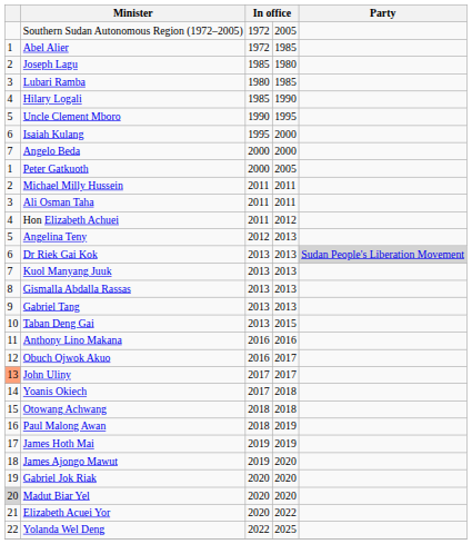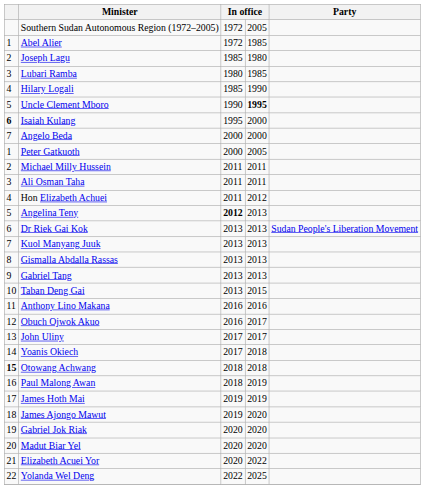 <table class="wikitable">
 <tr>
 <th></th>
 <th>Minister</th>
 <th colspan="2">In office</th>
 <th>Party</th>
 </tr>
 <tr>
 <td></td>
 <td>Southern Sudan Autonomous Region (1972–2005)</td>
 <td>1972</td>
 <td>2005</td>
 <td></td>
 </tr>
 <tr>
 <td>1</td>
 <td><a href='#'>Abel Alier</a></td>
 <td>1972</td>
 <td>1985</td>
 <td></td>
 </tr>
 <tr>
 <td>2</td>
 <td><a href='#'>Joseph Lagu</a></td>
 <td>1985</td>
 <td>1980</td>
 <td></td>
 </tr>
 <tr>
 <td>3</td>
 <td><a href='#'>Lubari Ramba</a></td>
 <td>1980</td>
 <td>1985</td>
 <td></td>
 </tr>
 <tr>
 <td>4</td>
 <td><a href='#'>Hilary Logali</a></td>
 <td>1985</td>
 <td>1990</td>
 <td></td>
 </tr>
 <tr>
 <td>5</td>
 <td><a href='#'>Uncle Clement Mboro</a></td>
 <td>1990</td>
-<td>1995</td>
+<td><strong>1995</strong></td>
 <td></td>
 </tr>
 <tr>
-<td>6</td>
+<td><strong>6</strong></td>
 <td><a href='#'>Isaiah Kulang</a></td>
 <td>1995</td>
 <td>2000</td>
 <td></td>
 </tr>
 <tr>
 <td>7</td>
 <td><a href='#'>Angelo Beda</a></td>
 <td>2000</td>
 <td>2000</td>
 <td></td>
 </tr>
 <tr>
 <td>1</td>
 <td><a href='#'>Peter Gatkuoth</a></td>
 <td>2000</td>
 <td>2005</td>
 <td></td>
 </tr>
 <tr>
 <td>2</td>
 <td><a href='#'>Michael Milly Hussein</a></td>
 <td>2011</td>
 <td>2011</td>
 <td></td>
 </tr>
 <tr>
 <td>3</td>
 <td><a href='#'>Ali Osman Taha</a></td>
 <td>2011</td>
 <td>2011</td>
 <td></td>
 </tr>
 <tr>
 <td>4</td>
 <td>Hon <a href='#'>Elizabeth Achuei</a></td>
 <td>2011</td>
 <td>2012</td>
 <td></td>
 </tr>
 <tr>
 <td>5</td>
 <td><a href='#'>Angelina Teny</a></td>
-<td>2012</td>
+<td><strong>2012</strong></td>
 <td>2013</td>
 <td></td>
 </tr>
 <tr>
 <td>6</td>
 <td><a href='#'>Dr Riek Gai Kok</a></td>
 <td>2013</td>
 <td>2013</td>
-<td style="background: lightgrey;"><a href='#'>Sudan People's Liberation Movement</a></td>
+<td><a href='#'>Sudan People's Liberation Movement</a></td>
 </tr>
 <tr>
 <td>7</td>
 <td><a href='#'>Kuol Manyang Juuk</a></td>
 <td>2013</td>
 <td>2013</td>
 <td></td>
 </tr>
 <tr>
 <td>8</td>
 <td><a href='#'>Gismalla Abdalla Rassas</a></td>
 <td>2013</td>
 <td>2013</td>
 <td></td>
 </tr>
 <tr>
 <td>9</td>
 <td><a href='#'>Gabriel Tang</a></td>
 <td>2013</td>
 <td>2013</td>
 <td></td>
 </tr>
 <tr>
 <td>10</td>
 <td><a href='#'>Taban Deng Gai</a></td>
 <td>2013</td>
 <td>2015</td>
 <td></td>
 </tr>
 <tr>
 <td>11</td>
 <td><a href='#'>Anthony Lino Makana</a></td>
 <td>2016</td>
 <td>2016</td>
 <td></td>
 </tr>
 <tr>
 <td>12</td>
 <td><a href='#'>Obuch Ojwok Akuo</a></td>
 <td>2016</td>
 <td>2017</td>
 <td></td>
 </tr>
 <tr>
-<td style="background: lightsalmon;">13</td>
+<td>13</td>
 <td><a href='#'>John Uliny</a></td>
 <td>2017</td>
 <td>2017</td>
 <td></td>
 </tr>
 <tr>
 <td>14</td>
 <td><a href='#'>Yoanis Okiech</a></td>
 <td>2017</td>
 <td>2018</td>
 <td></td>
 </tr>
 <tr>
-<td>15</td>
+<td><strong>15</strong></td>
 <td><a href='#'>Otowang Achwang</a></td>
 <td>2018</td>
 <td>2018</td>
 <td></td>
 </tr>
 <tr>
 <td>16</td>
 <td><a href='#'>Paul Malong Awan</a></td>
 <td>2018</td>
 <td>2019</td>
 <td></td>
 </tr>
 <tr>
 <td>17</td>
 <td><a href='#'>James Hoth Mai</a></td>
 <td>2019</td>
 <td>2019</td>
 <td></td>
 </tr>
 <tr>
 <td>18</td>
 <td><a href='#'>James Ajongo Mawut</a></td>
 <td>2019</td>
 <td>2020</td>
 <td></td>
 </tr>
 <tr>
 <td>19</td>
 <td><a href='#'>Gabriel Jok Riak</a></td>
 <td>2020</td>
 <td>2020</td>
 <td></td>
 </tr>
 <tr>
-<td style="background: lightgrey;">20</td>
+<td>20</td>
 <td><a href='#'>Madut Biar Yel</a></td>
 <td>2020</td>
 <td>2020</td>
 <td></td>
 </tr>
 <tr>
 <td>21</td>
 <td><a href='#'>Elizabeth Acuei Yor</a></td>
 <td>2020</td>
 <td>2022</td>
 <td></td>
 </tr>
 <tr>
 <td>22</td>
 <td><a href='#'>Yolanda Wel Deng</a></td>
 <td>2022</td>
 <td>2025</td>
 <td></td>
 </tr>
 <tr>
 </tr>
 </table>
